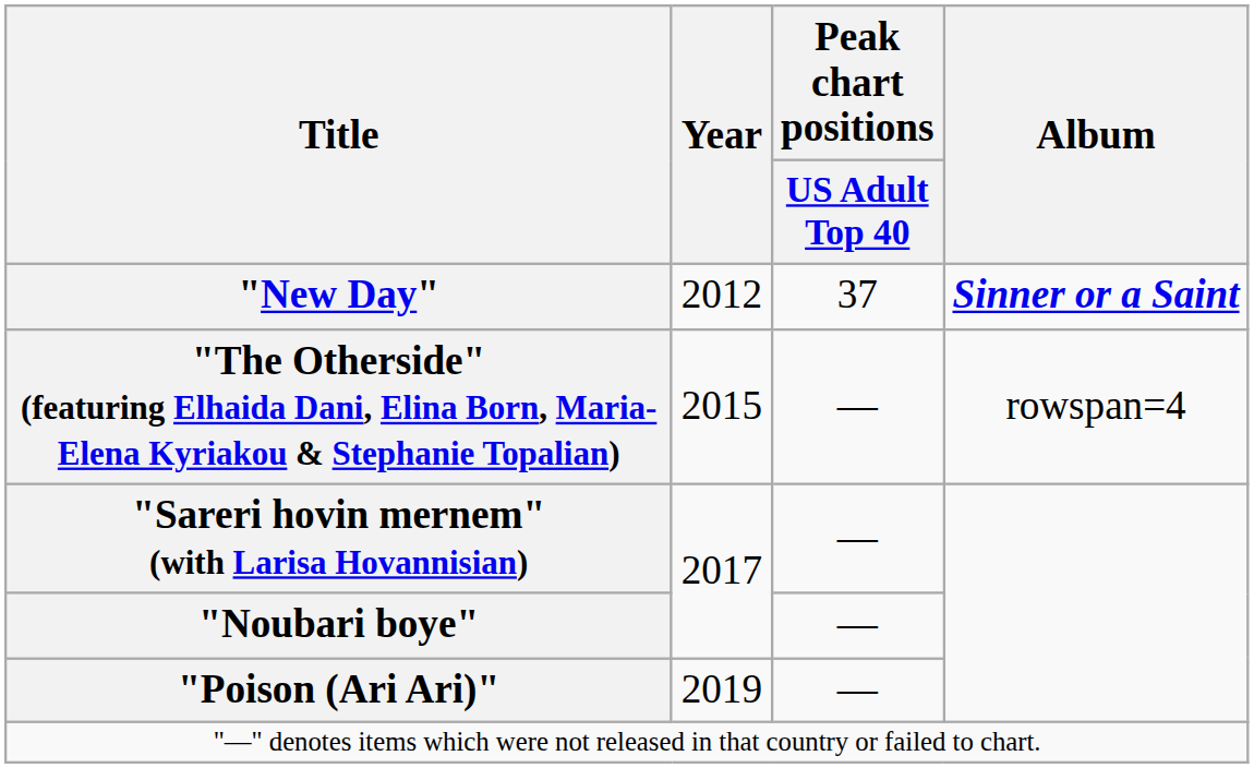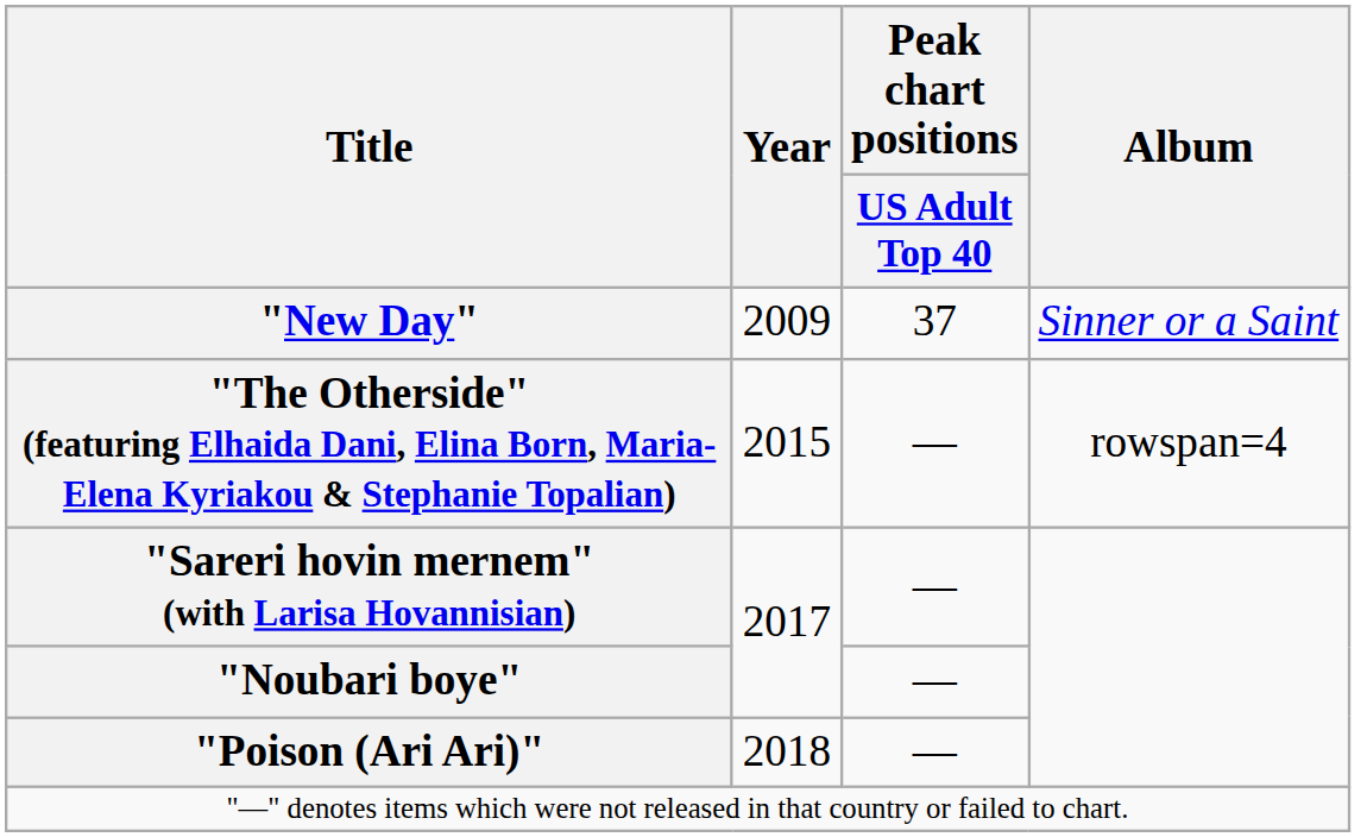 <table class="wikitable plainrowheaders" style="text-align:center;">
 <tr>
 <th scope="col" rowspan="2" style="width:16em;">Title</th>
 <th scope="col" rowspan="2">Year</th>
 <th scope="col">Peak chart positions</th>
 <th scope="col" rowspan="2">Album</th>
 </tr>
 <tr>
 <th scope="col" style="width:3em; font-size:90%;"><a href='#'>US Adult Top 40</a><br></th>
 </tr>
 <tr>
 <th scope="row">"<a href='#'>New Day</a>"</th>
-<td>2012</td>
+<td>2009</td>
 <td>37</td>
-<td><strong><em><a href='#'>Sinner or a Saint</a></em></strong></td>
+<td><em><a href='#'>Sinner or a Saint</a></em></td>
 </tr>
 <tr>
 <th scope="row">"The Otherside"<br><small>(featuring <a href='#'>Elhaida Dani</a>, <a href='#'>Elina Born</a>, <a href='#'>Maria-Elena Kyriakou</a> & <a href='#'>Stephanie Topalian</a>)</small></th>
 <td>2015</td>
 <td>—</td>
 <td>rowspan=4 </td>
 </tr>
 <tr>
 <th scope="row">"Sareri hovin mernem"<br><small>(with <a href='#'>Larisa Hovannisian</a>)</small></th>
 <td rowspan=2>2017</td>
 <td>—</td>
 </tr>
 <tr>
 <th scope="row">"Noubari boye"</th>
 <td>—</td>
 </tr>
 <tr>
 <th scope="row">"Poison (Ari Ari)"</th>
-<td>2019</td>
+<td>2018</td>
 <td>—</td>
 </tr>
 <tr>
 <td colspan="10" style="font-size:8pt">"—" denotes items which were not released in that country or failed to chart.</td>
 </tr>
 </table>
